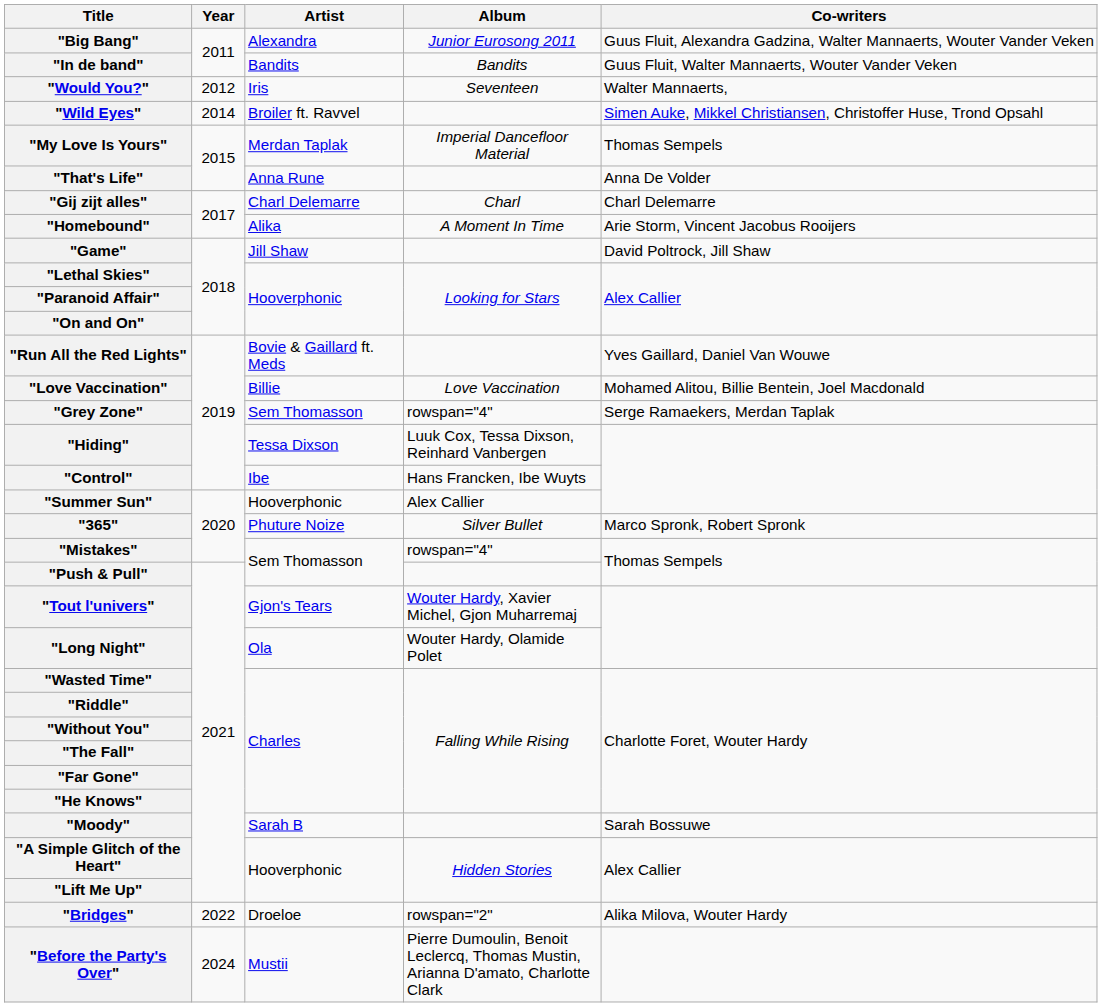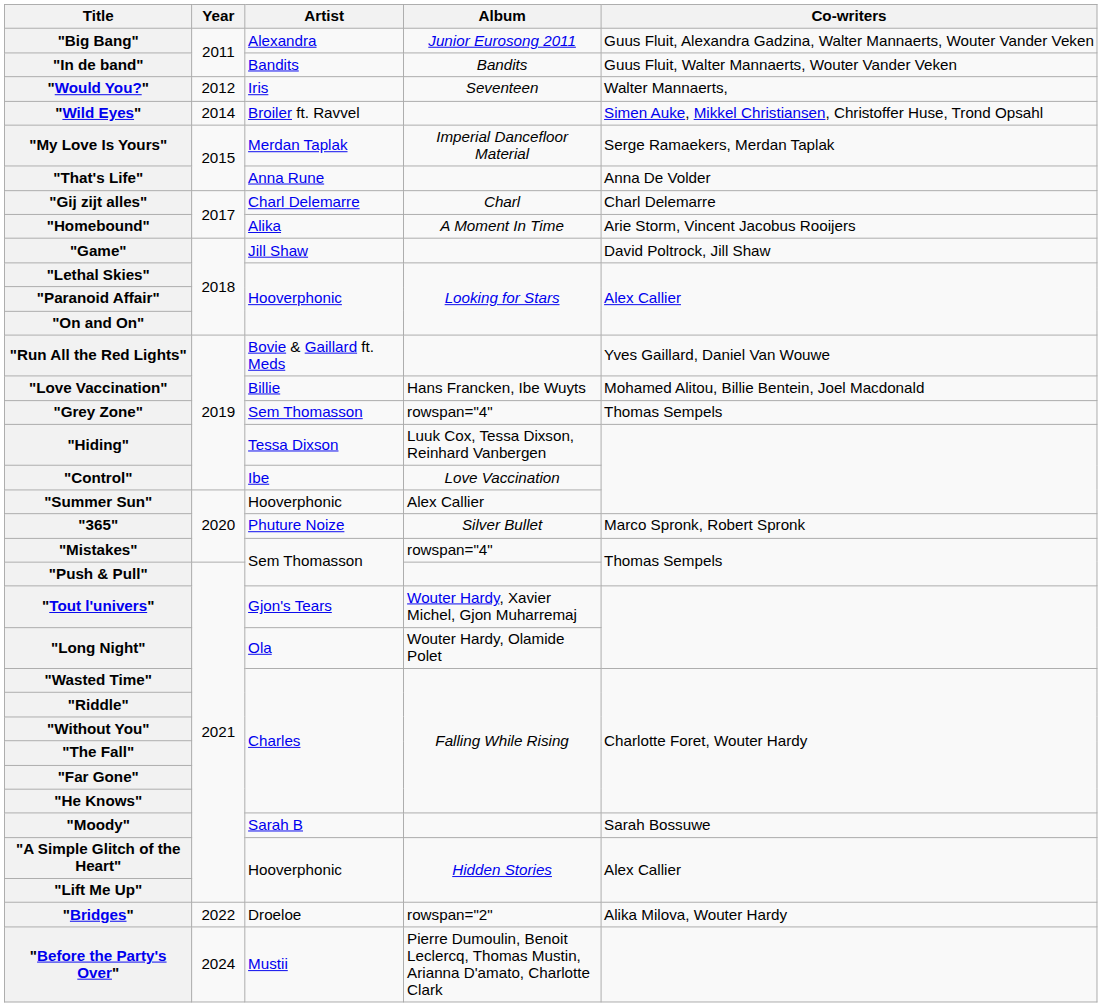 <table class="wikitable plainrowheaders">
 <tr>
 <th width="190px">Title</th>
 <th style="width:3em;">Year</th>
 <th width="160px">Artist</th>
 <th width="200px">Album</th>
 <th>Co-writers</th>
 </tr>
 <tr>
 <th scope="row">"Big Bang"</th>
 <td style="text-align:center" rowspan="2">2011</td>
 <td><a href='#'>Alexandra</a></td>
 <td style="text-align:center"><a href='#'><em>Junior Eurosong 2011</em></a></td>
 <td>Guus Fluit, Alexandra Gadzina, Walter Mannaerts, Wouter Vander Veken</td>
 </tr>
 <tr>
 <th scope="row">"In de band"</th>
 <td><a href='#'>Bandits</a></td>
 <td style="text-align:center"><em>Bandits</em></td>
 <td>Guus Fluit, Walter Mannaerts, Wouter Vander Veken</td>
 </tr>
 <tr>
 <th scope="row">"<a href='#'>Would You?</a>"</th>
 <td style="text-align:center">2012</td>
 <td><a href='#'>Iris</a></td>
 <td style="text-align:center"><em>Seventeen</em></td>
 <td>Walter Mannaerts, </td>
 </tr>
 <tr>
 <th scope="row">"<a href='#'>Wild Eyes</a>"</th>
 <td style="text-align:center">2014</td>
 <td><a href='#'>Broiler</a> ft. Ravvel</td>
 <td></td>
 <td><a href='#'>Simen Auke</a>, <a href='#'>Mikkel Christiansen</a>, Christoffer Huse, Trond Opsahl</td>
 </tr>
 <tr>
 <th scope="row">"My Love Is Yours"</th>
 <td style="text-align:center" rowspan="2">2015</td>
 <td><a href='#'>Merdan Taplak</a></td>
 <td style="text-align:center"><em>Imperial Dancefloor Material</em></td>
-<td>Thomas Sempels</td>
+<td>Serge Ramaekers, Merdan Taplak</td>
 </tr>
 <tr>
 <th scope="row">"That's Life"</th>
 <td><a href='#'>Anna Rune</a></td>
 <td></td>
 <td>Anna De Volder</td>
 </tr>
 <tr>
 <th scope="row">"Gij zijt alles"</th>
 <td style="text-align:center" rowspan="2">2017</td>
 <td><a href='#'>Charl Delemarre</a></td>
 <td style="text-align:center"><em>Charl</em></td>
 <td>Charl Delemarre</td>
 </tr>
 <tr>
 <th scope="row">"Homebound"</th>
 <td><a href='#'>Alika</a></td>
 <td style="text-align:center"><em>A Moment In Time</em></td>
 <td>Arie Storm, Vincent Jacobus Rooijers</td>
 </tr>
 <tr>
 <th scope="row">"Game"</th>
 <td style="text-align:center" rowspan="4">2018</td>
 <td><a href='#'>Jill Shaw</a></td>
 <td></td>
 <td>David Poltrock, Jill Shaw</td>
 </tr>
 <tr>
 <th scope="row">"Lethal Skies"</th>
 <td rowspan="3"><a href='#'>Hooverphonic</a></td>
 <td style="text-align:center" rowspan="3"><a href='#'><em>Looking for Stars</em></a></td>
 <td rowspan="3"><a href='#'>Alex Callier</a></td>
 </tr>
 <tr>
 <th scope="row">"Paranoid Affair"</th>
 </tr>
 <tr>
 <th scope="row">"On and On"</th>
 </tr>
 <tr>
 <th scope="row">"Run All the Red Lights"</th>
 <td style="text-align:center" rowspan="5">2019</td>
 <td><a href='#'>Bovie</a> & <a href='#'>Gaillard</a> ft. <a href='#'>Meds</a></td>
 <td></td>
 <td>Yves Gaillard, Daniel Van Wouwe</td>
 </tr>
 <tr>
 <th scope="row">"Love Vaccination"</th>
 <td><a href='#'>Billie</a></td>
-<td style="text-align:center"><em>Love Vaccination</em></td>
+<td>Hans Francken, Ibe Wuyts</td>
 <td>Mohamed Alitou, Billie Bentein, Joel Macdonald</td>
 </tr>
 <tr>
 <th scope="row">"Grey Zone"</th>
 <td><a href='#'>Sem Thomasson</a></td>
 <td>rowspan="4" </td>
-<td>Serge Ramaekers, Merdan Taplak</td>
+<td>Thomas Sempels</td>
 </tr>
 <tr>
 <th scope="row">"Hiding"</th>
 <td><a href='#'>Tessa Dixson</a></td>
 <td>Luuk Cox, Tessa Dixson, Reinhard Vanbergen</td>
 </tr>
 <tr>
 <th scope="row">"Control"</th>
 <td><a href='#'>Ibe</a></td>
-<td>Hans Francken, Ibe Wuyts</td>
+<td style="text-align:center"><em>Love Vaccination</em></td>
 </tr>
 <tr>
 <th scope="row">"Summer Sun"</th>
 <td style="text-align:center" rowspan="3">2020</td>
 <td>Hooverphonic</td>
 <td>Alex Callier</td>
 </tr>
 <tr>
 <th scope="row">"365"</th>
 <td><a href='#'>Phuture Noize</a></td>
 <td style="text-align:center"><em>Silver Bullet</em></td>
 <td>Marco Spronk, Robert Spronk</td>
 </tr>
 <tr>
 <th scope="row">"Mistakes"</th>
 <td rowspan="2">Sem Thomasson</td>
 <td>rowspan="4" </td>
 <td rowspan="2">Thomas Sempels</td>
 </tr>
 <tr>
 <th scope="row">"Push & Pull"</th>
 <td style="text-align:center" rowspan="12">2021</td>
 </tr>
 <tr>
 <th scope="row">"<a href='#'>Tout l'univers</a>"</th>
 <td><a href='#'>Gjon's Tears</a></td>
 <td><a href='#'>Wouter Hardy</a>, Xavier Michel, Gjon Muharremaj</td>
 </tr>
 <tr>
 <th scope="row">"Long Night"</th>
 <td><a href='#'>Ola</a></td>
 <td>Wouter Hardy, Olamide Polet</td>
 </tr>
 <tr>
 <th scope="row">"Wasted Time"</th>
 <td rowspan="6"><a href='#'>Charles</a></td>
 <td rowspan="6" style="text-align:center"><em>Falling While Rising</em></td>
 <td rowspan="6">Charlotte Foret, Wouter Hardy</td>
 </tr>
 <tr>
 <th scope="row">"Riddle"</th>
 </tr>
 <tr>
 <th scope="row">"Without You"</th>
 </tr>
 <tr>
 <th scope="row">"The Fall"</th>
 </tr>
 <tr>
 <th scope="row">"Far Gone"</th>
 </tr>
 <tr>
 <th scope="row">"He Knows"</th>
 </tr>
 <tr>
 <th scope="row">"Moody"</th>
 <td><a href='#'>Sarah B</a></td>
 <td></td>
 <td>Sarah Bossuwe</td>
 </tr>
 <tr>
 <th scope="row">"A Simple Glitch of the Heart"</th>
 <td rowspan="2">Hooverphonic</td>
 <td style="text-align:center" rowspan="2"><em><a href='#'>Hidden Stories</a></em></td>
 <td rowspan="2">Alex Callier</td>
 </tr>
 <tr>
 <th scope="row">"Lift Me Up"</th>
 </tr>
 <tr>
 <th scope="row">"<a href='#'>Bridges</a>"</th>
 <td style="text-align:center">2022</td>
 <td>Droeloe</td>
 <td>rowspan="2" </td>
 <td>Alika Milova, Wouter Hardy</td>
 </tr>
 <tr>
 <th scope="row">"<a href='#'>Before the Party's Over</a>"</th>
 <td style="text-align:center">2024</td>
 <td><a href='#'>Mustii</a></td>
 <td>Pierre Dumoulin, Benoit Leclercq, Thomas Mustin, Arianna D'amato, Charlotte Clark</td>
 </tr>
 </table>
